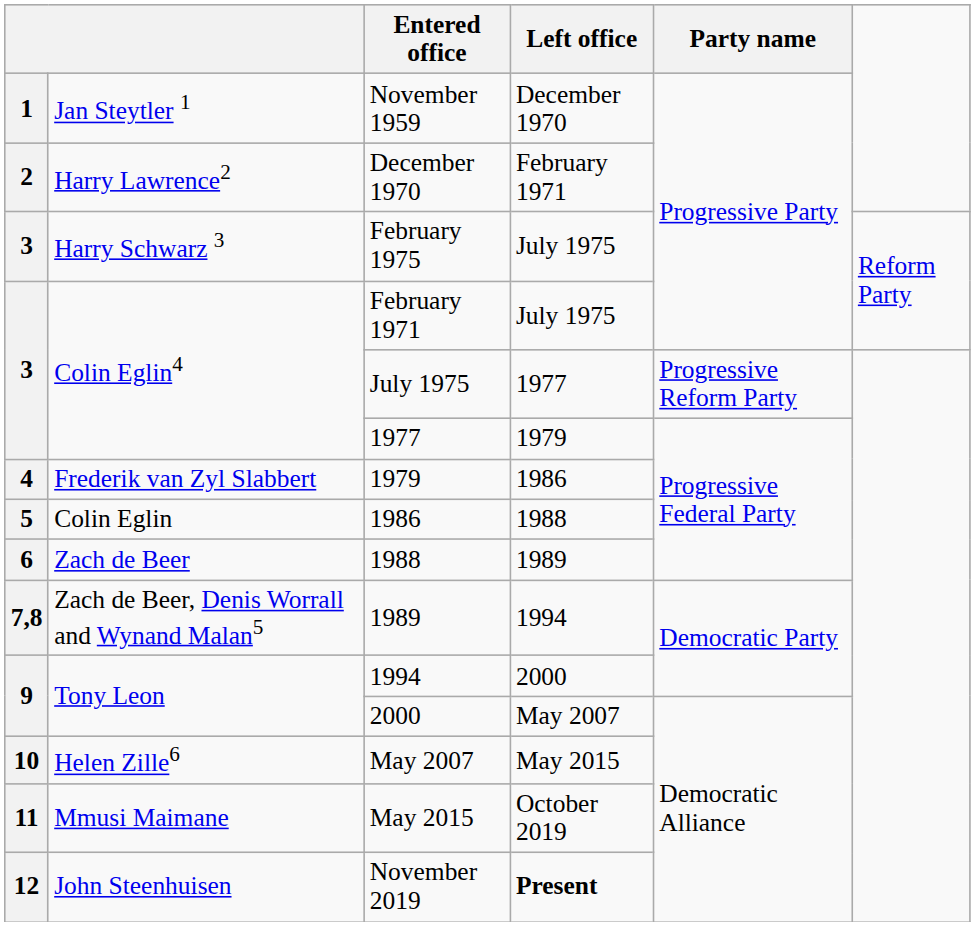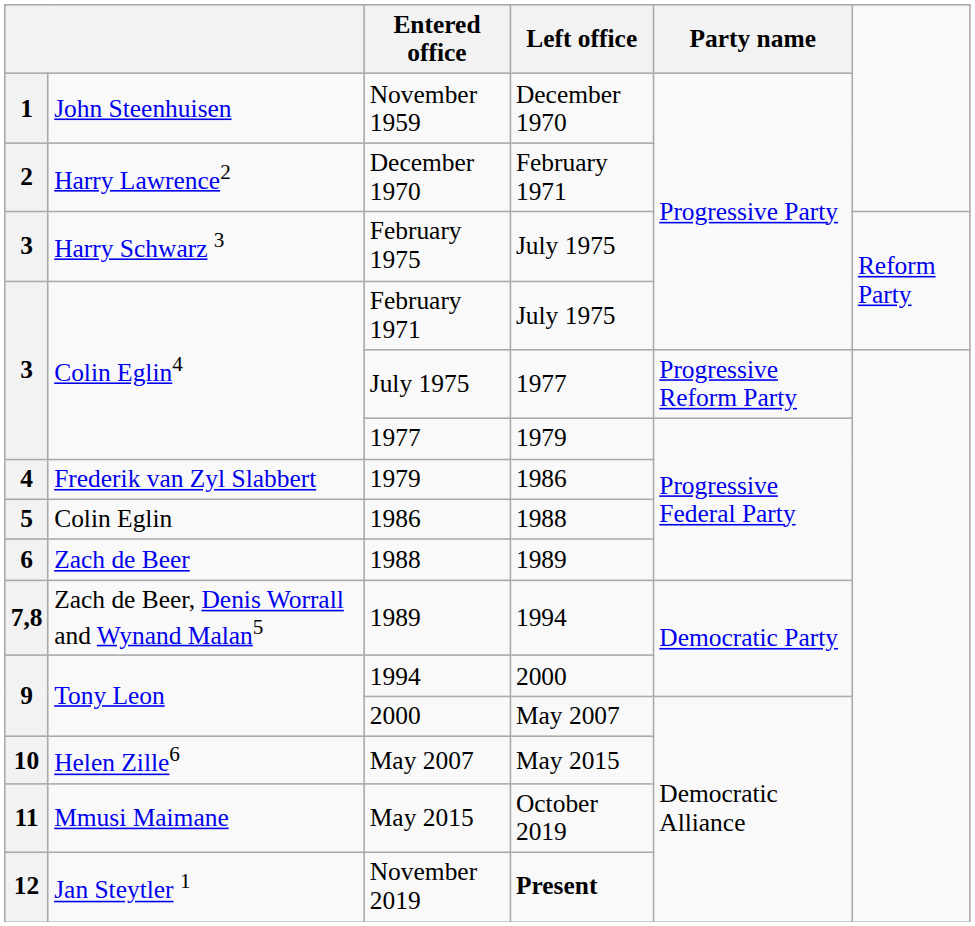 <table class="wikitable">
 <tr>
 <th colspan=2></th>
 <th>Entered office</th>
 <th>Left office</th>
 <th>Party name</th>
 </tr>
 <tr>
 <th>1</th>
-<td><a href='#'>Jan Steytler</a> <sup>1</sup></td>
+<td><a href='#'>John Steenhuisen</a></td>
 <td>November 1959</td>
 <td>December 1970</td>
 <td rowspan=4><a href='#'>Progressive Party</a></td>
 </tr>
 <tr>
 <th>2</th>
 <td><a href='#'>Harry Lawrence</a><sup>2</sup></td>
 <td>December 1970</td>
 <td>February 1971</td>
 </tr>
 <tr>
 <th>3</th>
 <td><a href='#'>Harry Schwarz</a> <sup>3</sup></td>
 <td>February 1975</td>
 <td>July 1975</td>
 <td rowspan=2><a href='#'>Reform Party</a></td>
 </tr>
 <tr>
 <th rowspan=3>3</th>
 <td rowspan=3><a href='#'>Colin Eglin</a><sup>4</sup></td>
 <td>February 1971</td>
 <td>July 1975</td>
 </tr>
 <tr>
 <td>July 1975</td>
 <td>1977</td>
 <td><a href='#'>Progressive Reform Party</a></td>
 </tr>
 <tr>
 <td>1977</td>
 <td>1979</td>
 <td rowspan=4><a href='#'>Progressive Federal Party</a></td>
 </tr>
 <tr>
 <th>4</th>
 <td><a href='#'>Frederik van Zyl Slabbert</a></td>
 <td>1979</td>
 <td>1986</td>
 </tr>
 <tr>
 <th>5</th>
 <td>Colin Eglin</td>
 <td>1986</td>
 <td>1988</td>
 </tr>
 <tr>
 <th>6</th>
 <td><a href='#'>Zach de Beer</a></td>
 <td>1988</td>
 <td>1989</td>
 </tr>
 <tr>
 <th>7,8</th>
 <td>Zach de Beer, <a href='#'>Denis Worrall</a> and <a href='#'>Wynand Malan</a><sup>5</sup></td>
 <td>1989</td>
 <td>1994</td>
 <td rowspan=2><a href='#'>Democratic Party</a></td>
 </tr>
 <tr>
 <th rowspan=2>9</th>
 <td rowspan=2><a href='#'>Tony Leon</a></td>
 <td>1994</td>
 <td>2000</td>
 </tr>
 <tr>
 <td>2000</td>
 <td>May 2007</td>
 <td rowspan=4>Democratic Alliance</td>
 </tr>
 <tr>
 <th>10</th>
 <td><a href='#'>Helen Zille</a><sup>6</sup></td>
 <td>May 2007</td>
 <td>May 2015</td>
 </tr>
 <tr>
 <th>11</th>
 <td><a href='#'>Mmusi Maimane</a></td>
 <td>May 2015</td>
 <td>October 2019</td>
 </tr>
 <tr>
 <th>12</th>
-<td><a href='#'>John Steenhuisen</a></td>
+<td><a href='#'>Jan Steytler</a> <sup>1</sup></td>
 <td>November 2019</td>
 <td><strong>Present</strong></td>
 </tr>
 </table>
